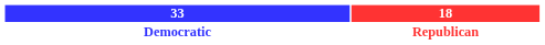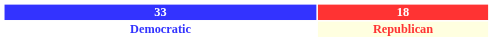 <table style="width:50%">
 <tr>
 <td scope="row" colspan="3" style="text-align:center"></td>
 </tr>
 <tr>
 <td scope="row" style="background:#33F; width:64.7%; text-align:center; color:white"><strong>33</strong></td>
 <td style="background:#F33; width:35.3%; text-align:center; color:white"><strong>18</strong></td>
 </tr>
 <tr>
 <td scope="row" style="text-align:center; color:#33F"><strong>Democratic</strong></td>
-<td style="text-align:center; color:#F33"><strong>Republican</strong></td>
+<td style="background: lightyellow; text-align:center; color:#F33"><strong>Republican</strong></td>
 </tr>
 </table>
